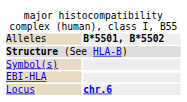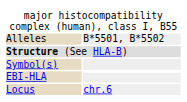 <table id="drugInfoBox" style="float: right; clear: right; margin: 0 0 0.5em 1em; background: #ffffff;" class="toccolours" border=0 cellpadding=0 align=right width="240px">
 <tr>
 <td align="center" colspan="3"></td>
 </tr>
 <tr style="text-align: center; line-height: 1.00;background:#eeeeee">
 <td colspan="3" color="white"></td>
 </tr>
 <tr>
 <td align="center" colspan="2"></td>
 </tr>
 <tr>
 <td align="center" colspan="2"><div>major histocompatibility complex (human), class I, B55</div></td>
 </tr>
 <tr>
 <td bgcolor="#e7dcc3">Alleles</td>
-<td bgcolor="#eeeeee"><strong>B*5501, B*5502<br></strong></td>
+<td bgcolor="#eeeeee">B*5501, B*5502<br></td>
 </tr>
 <tr>
 <td colspan="2" bgcolor="#dddddd"><strong>Structure</strong> (See <a href='#'>HLA-B</a>)</td>
 </tr>
 <tr>
 <td bgcolor="#e7dcc3"><a href='#'>Symbol(s)</a></td>
 <td bgcolor="#eeeeee"></td>
 </tr>
 <tr>
 <td bgcolor="#e7dcc3" Rowspan = 2><a href='#'>EBI-HLA</a></td>
 <td bgcolor="#eeeeee"></td>
 </tr>
 <tr>
 <td bgcolor="#eeeeee"></td>
 </tr>
 <tr>
 <td bgcolor="#e7dcc3"><a href='#'>Locus</a></td>
-<td bgcolor="#eeeeee"><strong><a href='#'>chr.6</a> <em></em></strong></td>
+<td bgcolor="#eeeeee"><a href='#'>chr.6</a> <em></em></td>
 </tr>
 <tr>
 </tr>
 </table>
